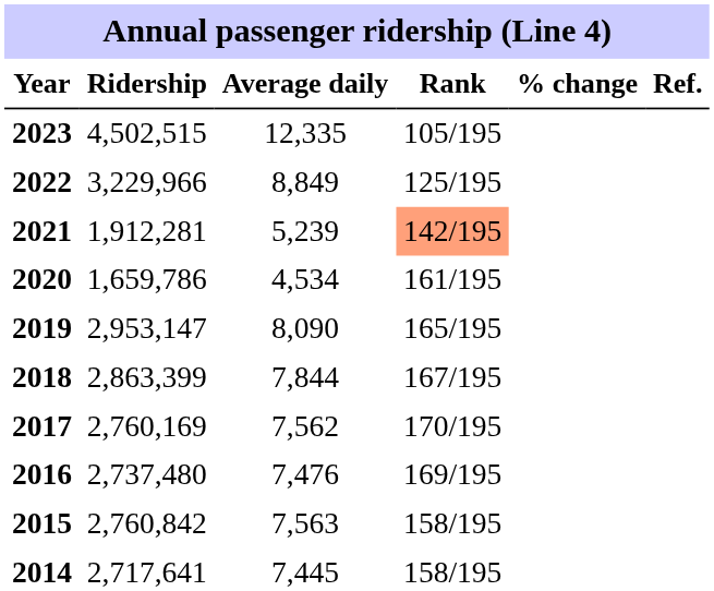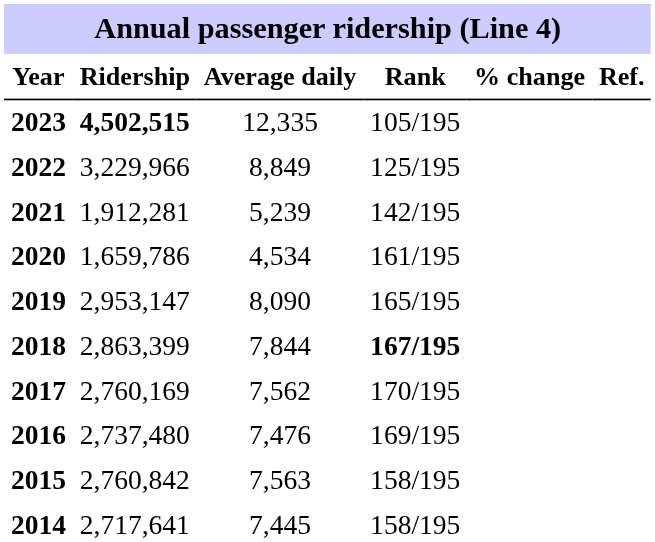 <table class="toccolours" cellpadding="4" cellspacing="0" style="text-align:right;">
 <tr>
 <th colspan="6"  style="background-color:#ccf; background-color:#ccf; font-size:110%; text-align:center;">Annual passenger ridership (Line 4)</th>
 </tr>
 <tr style="font-size:95%; text-align:center">
 <th style="border-bottom:1px solid black">Year</th>
 <th style="border-bottom:1px solid black">Ridership</th>
 <th style="border-bottom:1px solid black">Average daily</th>
 <th style="border-bottom:1px solid black">Rank</th>
 <th style="border-bottom:1px solid black">% change</th>
 <th style="border-bottom:1px solid black">Ref.</th>
 </tr>
 <tr style="text-align:center;">
 <td><strong>2023</strong></td>
-<td>4,502,515</td>
+<td><strong>4,502,515</strong></td>
 <td>12,335</td>
 <td>105/195</td>
 <td></td>
 <td></td>
 </tr>
 <tr style="text-align:center;">
 <td><strong>2022</strong></td>
 <td>3,229,966</td>
 <td>8,849</td>
 <td>125/195</td>
 <td></td>
 <td></td>
 </tr>
 <tr style="text-align:center;">
 <td><strong>2021</strong></td>
 <td>1,912,281</td>
 <td>5,239</td>
-<td style="background: lightsalmon;">142/195</td>
+<td>142/195</td>
 <td></td>
 <td></td>
 </tr>
 <tr style="text-align:center;">
 <td><strong>2020</strong></td>
 <td>1,659,786</td>
 <td>4,534</td>
 <td>161/195</td>
 <td></td>
 <td></td>
 </tr>
 <tr style="text-align:center;">
 <td><strong>2019</strong></td>
 <td>2,953,147</td>
 <td>8,090</td>
 <td>165/195</td>
 <td></td>
 <td></td>
 </tr>
 <tr style="text-align:center;">
 <td><strong>2018</strong></td>
 <td>2,863,399</td>
 <td>7,844</td>
-<td>167/195</td>
+<td><strong>167/195</strong></td>
 <td></td>
 <td></td>
 </tr>
 <tr style="text-align:center;">
 <td><strong>2017</strong></td>
 <td>2,760,169</td>
 <td>7,562</td>
 <td>170/195</td>
 <td></td>
 <td></td>
 </tr>
 <tr style="text-align:center;">
 <td><strong>2016</strong></td>
 <td>2,737,480</td>
 <td>7,476</td>
 <td>169/195</td>
 <td></td>
 <td></td>
 </tr>
 <tr style="text-align:center;">
 <td><strong>2015</strong></td>
 <td>2,760,842</td>
 <td>7,563</td>
 <td>158/195</td>
 <td></td>
 <td></td>
 </tr>
 <tr style="text-align:center;">
 <td><strong>2014</strong></td>
 <td>2,717,641</td>
 <td>7,445</td>
 <td>158/195</td>
 <td></td>
 <td></td>
 </tr>
 </table>
